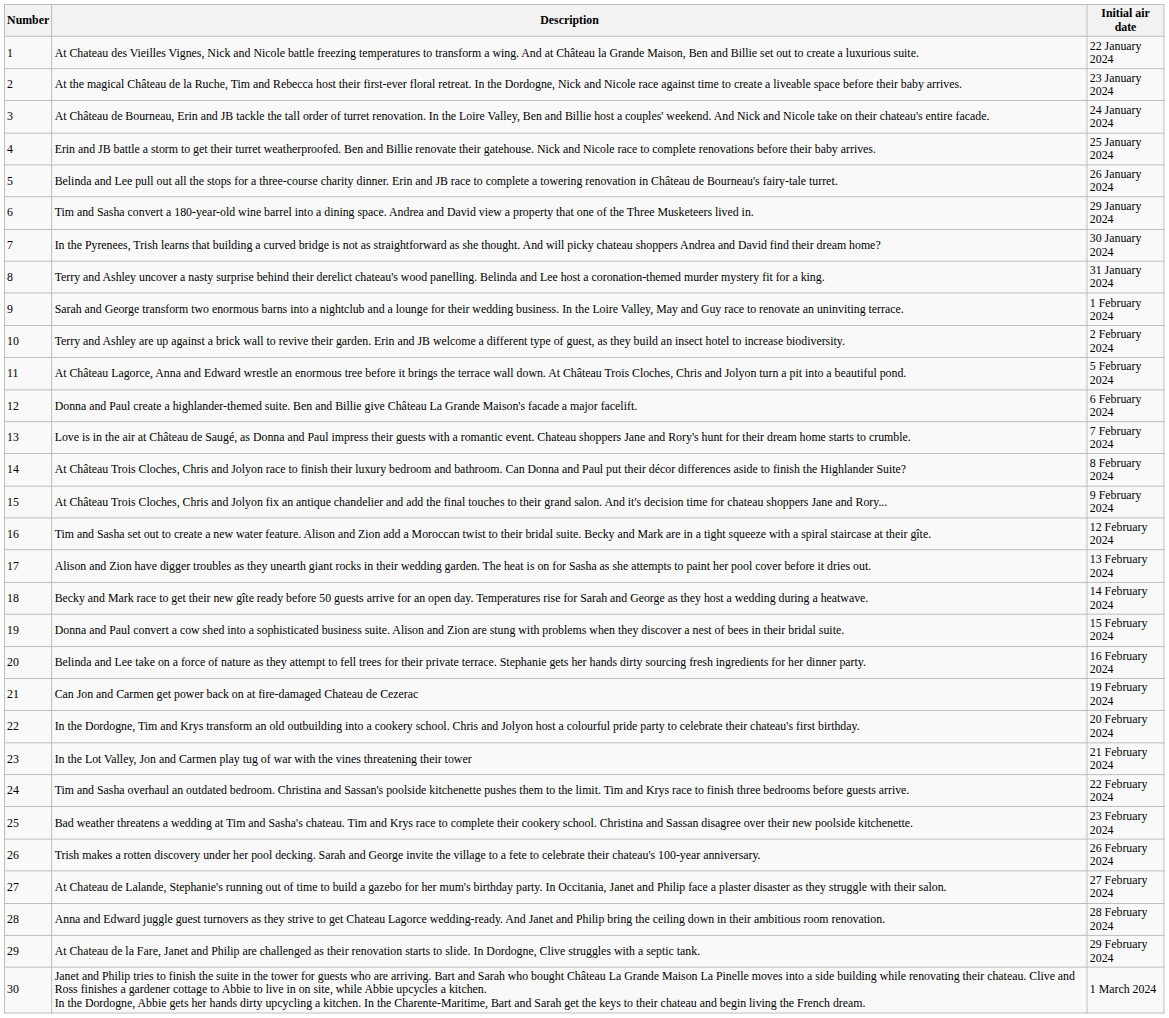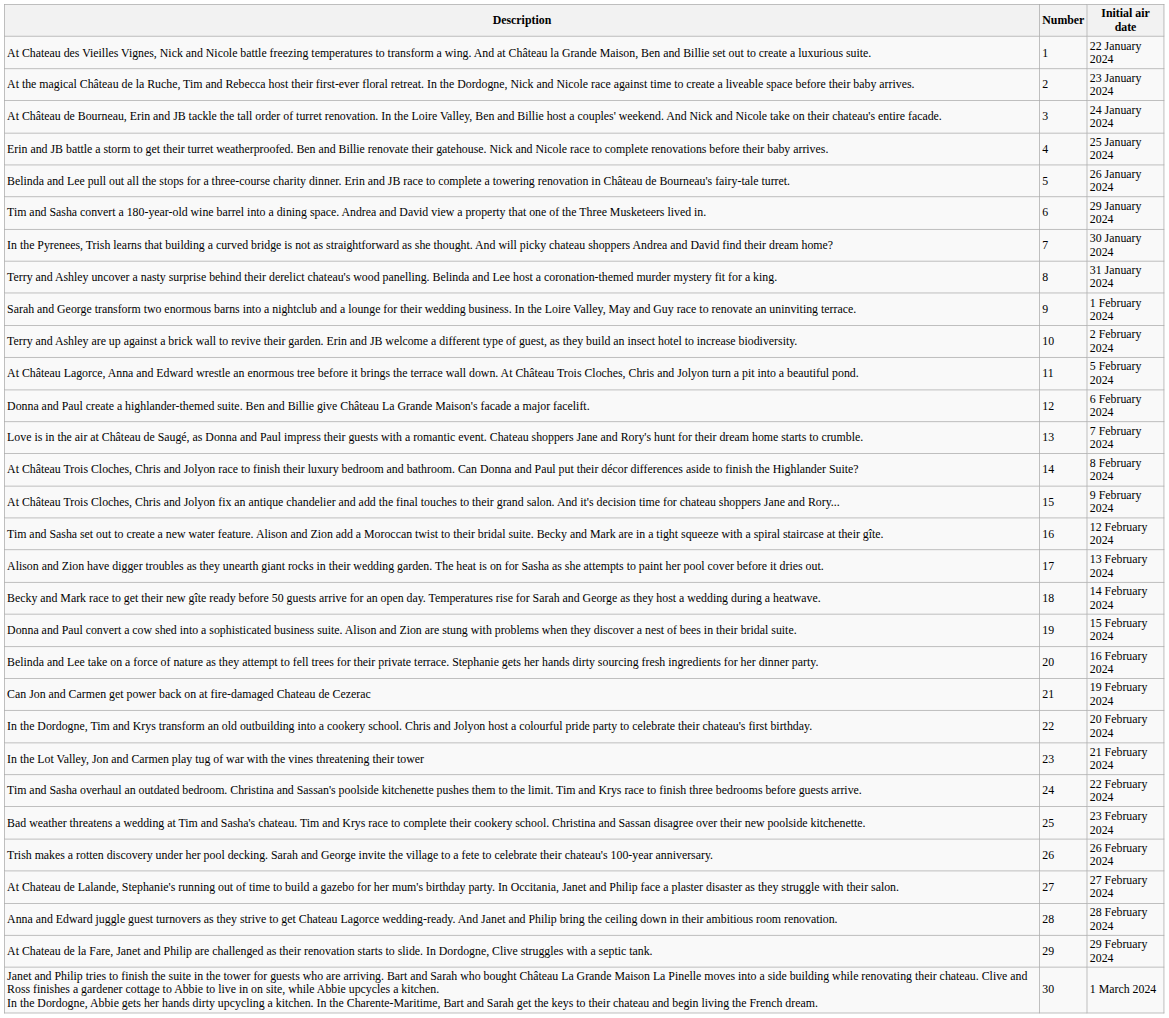 <table class="wikitable">
 <tr>
+<th>Description</th>
 <th>Number</th>
-<th>Description</th>
 <th>Initial air date</th>
 </tr>
 <tr>
+<td>At Chateau des Vieilles Vignes, Nick and Nicole battle freezing temperatures to transform a wing. And at Château la Grande Maison, Ben and Billie set out to create a luxurious suite.</td>
 <td>1</td>
-<td>At Chateau des Vieilles Vignes, Nick and Nicole battle freezing temperatures to transform a wing. And at Château la Grande Maison, Ben and Billie set out to create a luxurious suite.</td>
 <td>22 January 2024</td>
 </tr>
 <tr>
+<td>At the magical Château de la Ruche, Tim and Rebecca host their first-ever floral retreat. In the Dordogne, Nick and Nicole race against time to create a liveable space before their baby arrives.</td>
 <td>2</td>
-<td>At the magical Château de la Ruche, Tim and Rebecca host their first-ever floral retreat. In the Dordogne, Nick and Nicole race against time to create a liveable space before their baby arrives.</td>
 <td>23 January 2024</td>
 </tr>
 <tr>
+<td>At Château de Bourneau, Erin and JB tackle the tall order of turret renovation. In the Loire Valley, Ben and Billie host a couples' weekend. And Nick and Nicole take on their chateau's entire facade.</td>
 <td>3</td>
-<td>At Château de Bourneau, Erin and JB tackle the tall order of turret renovation. In the Loire Valley, Ben and Billie host a couples' weekend. And Nick and Nicole take on their chateau's entire facade.</td>
 <td>24 January 2024</td>
 </tr>
 <tr>
+<td>Erin and JB battle a storm to get their turret weatherproofed. Ben and Billie renovate their gatehouse. Nick and Nicole race to complete renovations before their baby arrives.</td>
 <td>4</td>
-<td>Erin and JB battle a storm to get their turret weatherproofed. Ben and Billie renovate their gatehouse. Nick and Nicole race to complete renovations before their baby arrives.</td>
 <td>25 January 2024</td>
 </tr>
 <tr>
+<td>Belinda and Lee pull out all the stops for a three-course charity dinner. Erin and JB race to complete a towering renovation in Château de Bourneau's fairy-tale turret.</td>
 <td>5</td>
-<td>Belinda and Lee pull out all the stops for a three-course charity dinner. Erin and JB race to complete a towering renovation in Château de Bourneau's fairy-tale turret.</td>
 <td>26 January 2024</td>
 </tr>
 <tr>
+<td>Tim and Sasha convert a 180-year-old wine barrel into a dining space. Andrea and David view a property that one of the Three Musketeers lived in.</td>
 <td>6</td>
-<td>Tim and Sasha convert a 180-year-old wine barrel into a dining space. Andrea and David view a property that one of the Three Musketeers lived in.</td>
 <td>29 January 2024</td>
 </tr>
 <tr>
+<td>In the Pyrenees, Trish learns that building a curved bridge is not as straightforward as she thought. And will picky chateau shoppers Andrea and David find their dream home?</td>
 <td>7</td>
-<td>In the Pyrenees, Trish learns that building a curved bridge is not as straightforward as she thought. And will picky chateau shoppers Andrea and David find their dream home?</td>
 <td>30 January 2024</td>
 </tr>
 <tr>
+<td>Terry and Ashley uncover a nasty surprise behind their derelict chateau's wood panelling. Belinda and Lee host a coronation-themed murder mystery fit for a king.</td>
 <td>8</td>
-<td>Terry and Ashley uncover a nasty surprise behind their derelict chateau's wood panelling. Belinda and Lee host a coronation-themed murder mystery fit for a king.</td>
 <td>31 January 2024</td>
 </tr>
 <tr>
+<td>Sarah and George transform two enormous barns into a nightclub and a lounge for their wedding business. In the Loire Valley, May and Guy race to renovate an uninviting terrace.</td>
 <td>9</td>
-<td>Sarah and George transform two enormous barns into a nightclub and a lounge for their wedding business. In the Loire Valley, May and Guy race to renovate an uninviting terrace.</td>
 <td>1 February 2024</td>
 </tr>
 <tr>
+<td>Terry and Ashley are up against a brick wall to revive their garden. Erin and JB welcome a different type of guest, as they build an insect hotel to increase biodiversity.</td>
 <td>10</td>
-<td>Terry and Ashley are up against a brick wall to revive their garden. Erin and JB welcome a different type of guest, as they build an insect hotel to increase biodiversity.</td>
 <td>2 February 2024</td>
 </tr>
 <tr>
+<td>At Château Lagorce, Anna and Edward wrestle an enormous tree before it brings the terrace wall down. At Château Trois Cloches, Chris and Jolyon turn a pit into a beautiful pond.</td>
 <td>11</td>
-<td>At Château Lagorce, Anna and Edward wrestle an enormous tree before it brings the terrace wall down. At Château Trois Cloches, Chris and Jolyon turn a pit into a beautiful pond.</td>
 <td>5 February 2024</td>
 </tr>
 <tr>
+<td>Donna and Paul create a highlander-themed suite. Ben and Billie give Château La Grande Maison's facade a major facelift.</td>
 <td>12</td>
-<td>Donna and Paul create a highlander-themed suite. Ben and Billie give Château La Grande Maison's facade a major facelift.</td>
 <td>6 February 2024</td>
 </tr>
 <tr>
+<td>Love is in the air at Château de Saugé, as Donna and Paul impress their guests with a romantic event. Chateau shoppers Jane and Rory's hunt for their dream home starts to crumble.</td>
 <td>13</td>
-<td>Love is in the air at Château de Saugé, as Donna and Paul impress their guests with a romantic event. Chateau shoppers Jane and Rory's hunt for their dream home starts to crumble.</td>
 <td>7 February 2024</td>
 </tr>
 <tr>
+<td>At Château Trois Cloches, Chris and Jolyon race to finish their luxury bedroom and bathroom. Can Donna and Paul put their décor differences aside to finish the Highlander Suite?</td>
 <td>14</td>
-<td>At Château Trois Cloches, Chris and Jolyon race to finish their luxury bedroom and bathroom. Can Donna and Paul put their décor differences aside to finish the Highlander Suite?</td>
 <td>8 February 2024</td>
 </tr>
 <tr>
+<td>At Château Trois Cloches, Chris and Jolyon fix an antique chandelier and add the final touches to their grand salon. And it's decision time for chateau shoppers Jane and Rory...</td>
 <td>15</td>
-<td>At Château Trois Cloches, Chris and Jolyon fix an antique chandelier and add the final touches to their grand salon. And it's decision time for chateau shoppers Jane and Rory...</td>
 <td>9 February 2024</td>
 </tr>
 <tr>
+<td>Tim and Sasha set out to create a new water feature. Alison and Zion add a Moroccan twist to their bridal suite. Becky and Mark are in a tight squeeze with a spiral staircase at their gîte.</td>
 <td>16</td>
-<td>Tim and Sasha set out to create a new water feature. Alison and Zion add a Moroccan twist to their bridal suite. Becky and Mark are in a tight squeeze with a spiral staircase at their gîte.</td>
 <td>12 February 2024</td>
 </tr>
 <tr>
+<td>Alison and Zion have digger troubles as they unearth giant rocks in their wedding garden. The heat is on for Sasha as she attempts to paint her pool cover before it dries out.</td>
 <td>17</td>
-<td>Alison and Zion have digger troubles as they unearth giant rocks in their wedding garden. The heat is on for Sasha as she attempts to paint her pool cover before it dries out.</td>
 <td>13 February 2024</td>
 </tr>
 <tr>
+<td>Becky and Mark race to get their new gîte ready before 50 guests arrive for an open day. Temperatures rise for Sarah and George as they host a wedding during a heatwave.</td>
 <td>18</td>
-<td>Becky and Mark race to get their new gîte ready before 50 guests arrive for an open day. Temperatures rise for Sarah and George as they host a wedding during a heatwave.</td>
 <td>14 February 2024</td>
 </tr>
 <tr>
+<td>Donna and Paul convert a cow shed into a sophisticated business suite. Alison and Zion are stung with problems when they discover a nest of bees in their bridal suite.</td>
 <td>19</td>
-<td>Donna and Paul convert a cow shed into a sophisticated business suite. Alison and Zion are stung with problems when they discover a nest of bees in their bridal suite.</td>
 <td>15 February 2024</td>
 </tr>
 <tr>
+<td>Belinda and Lee take on a force of nature as they attempt to fell trees for their private terrace. Stephanie gets her hands dirty sourcing fresh ingredients for her dinner party.</td>
 <td>20</td>
-<td>Belinda and Lee take on a force of nature as they attempt to fell trees for their private terrace. Stephanie gets her hands dirty sourcing fresh ingredients for her dinner party.</td>
 <td>16 February 2024</td>
 </tr>
 <tr>
+<td>Can Jon and Carmen get power back on at fire-damaged Chateau de Cezerac</td>
 <td>21</td>
-<td>Can Jon and Carmen get power back on at fire-damaged Chateau de Cezerac</td>
 <td>19 February 2024</td>
 </tr>
 <tr>
+<td>In the Dordogne, Tim and Krys transform an old outbuilding into a cookery school. Chris and Jolyon host a colourful pride party to celebrate their chateau's first birthday.</td>
 <td>22</td>
-<td>In the Dordogne, Tim and Krys transform an old outbuilding into a cookery school. Chris and Jolyon host a colourful pride party to celebrate their chateau's first birthday.</td>
 <td>20 February 2024</td>
 </tr>
 <tr>
+<td>In the Lot Valley, Jon and Carmen play tug of war with the vines threatening their tower</td>
 <td>23</td>
-<td>In the Lot Valley, Jon and Carmen play tug of war with the vines threatening their tower</td>
 <td>21 February 2024</td>
 </tr>
 <tr>
+<td>Tim and Sasha overhaul an outdated bedroom. Christina and Sassan's poolside kitchenette pushes them to the limit. Tim and Krys race to finish three bedrooms before guests arrive.</td>
 <td>24</td>
-<td>Tim and Sasha overhaul an outdated bedroom. Christina and Sassan's poolside kitchenette pushes them to the limit. Tim and Krys race to finish three bedrooms before guests arrive.</td>
 <td>22 February 2024</td>
 </tr>
 <tr>
+<td>Bad weather threatens a wedding at Tim and Sasha's chateau. Tim and Krys race to complete their cookery school. Christina and Sassan disagree over their new poolside kitchenette.</td>
 <td>25</td>
-<td>Bad weather threatens a wedding at Tim and Sasha's chateau. Tim and Krys race to complete their cookery school. Christina and Sassan disagree over their new poolside kitchenette.</td>
 <td>23 February 2024</td>
 </tr>
 <tr>
+<td>Trish makes a rotten discovery under her pool decking. Sarah and George invite the village to a fete to celebrate their chateau's 100-year anniversary.</td>
 <td>26</td>
-<td>Trish makes a rotten discovery under her pool decking. Sarah and George invite the village to a fete to celebrate their chateau's 100-year anniversary.</td>
 <td>26 February 2024</td>
 </tr>
 <tr>
+<td>At Chateau de Lalande, Stephanie's running out of time to build a gazebo for her mum's birthday party. In Occitania, Janet and Philip face a plaster disaster as they struggle with their salon.</td>
 <td>27</td>
-<td>At Chateau de Lalande, Stephanie's running out of time to build a gazebo for her mum's birthday party. In Occitania, Janet and Philip face a plaster disaster as they struggle with their salon.</td>
 <td>27 February 2024</td>
 </tr>
 <tr>
+<td>Anna and Edward juggle guest turnovers as they strive to get Chateau Lagorce wedding-ready. And Janet and Philip bring the ceiling down in their ambitious room renovation.</td>
 <td>28</td>
-<td>Anna and Edward juggle guest turnovers as they strive to get Chateau Lagorce wedding-ready. And Janet and Philip bring the ceiling down in their ambitious room renovation.</td>
 <td>28 February 2024</td>
 </tr>
 <tr>
+<td>At Chateau de la Fare, Janet and Philip are challenged as their renovation starts to slide. In Dordogne, Clive struggles with a septic tank.</td>
 <td>29</td>
-<td>At Chateau de la Fare, Janet and Philip are challenged as their renovation starts to slide. In Dordogne, Clive struggles with a septic tank.</td>
 <td>29 February 2024</td>
 </tr>
 <tr>
+<td>Janet and Philip tries to finish the suite in the tower for guests who are arriving. Bart and Sarah who bought Château La Grande Maison La Pinelle moves into a side building while renovating their chateau.  Clive and Ross finishes a gardener cottage to Abbie to live in on site, while Abbie upcycles a kitchen.<br>In the Dordogne, Abbie gets her hands dirty upcycling a kitchen. In the Charente-Maritime, Bart and Sarah get the keys to their chateau and begin living the French dream.</td>
 <td>30</td>
-<td>Janet and Philip tries to finish the suite in the tower for guests who are arriving. Bart and Sarah who bought Château La Grande Maison La Pinelle moves into a side building while renovating their chateau.  Clive and Ross finishes a gardener cottage to Abbie to live in on site, while Abbie upcycles a kitchen.<br>In the Dordogne, Abbie gets her hands dirty upcycling a kitchen. In the Charente-Maritime, Bart and Sarah get the keys to their chateau and begin living the French dream.</td>
 <td>1 March 2024</td>
 </tr>
 </table>
